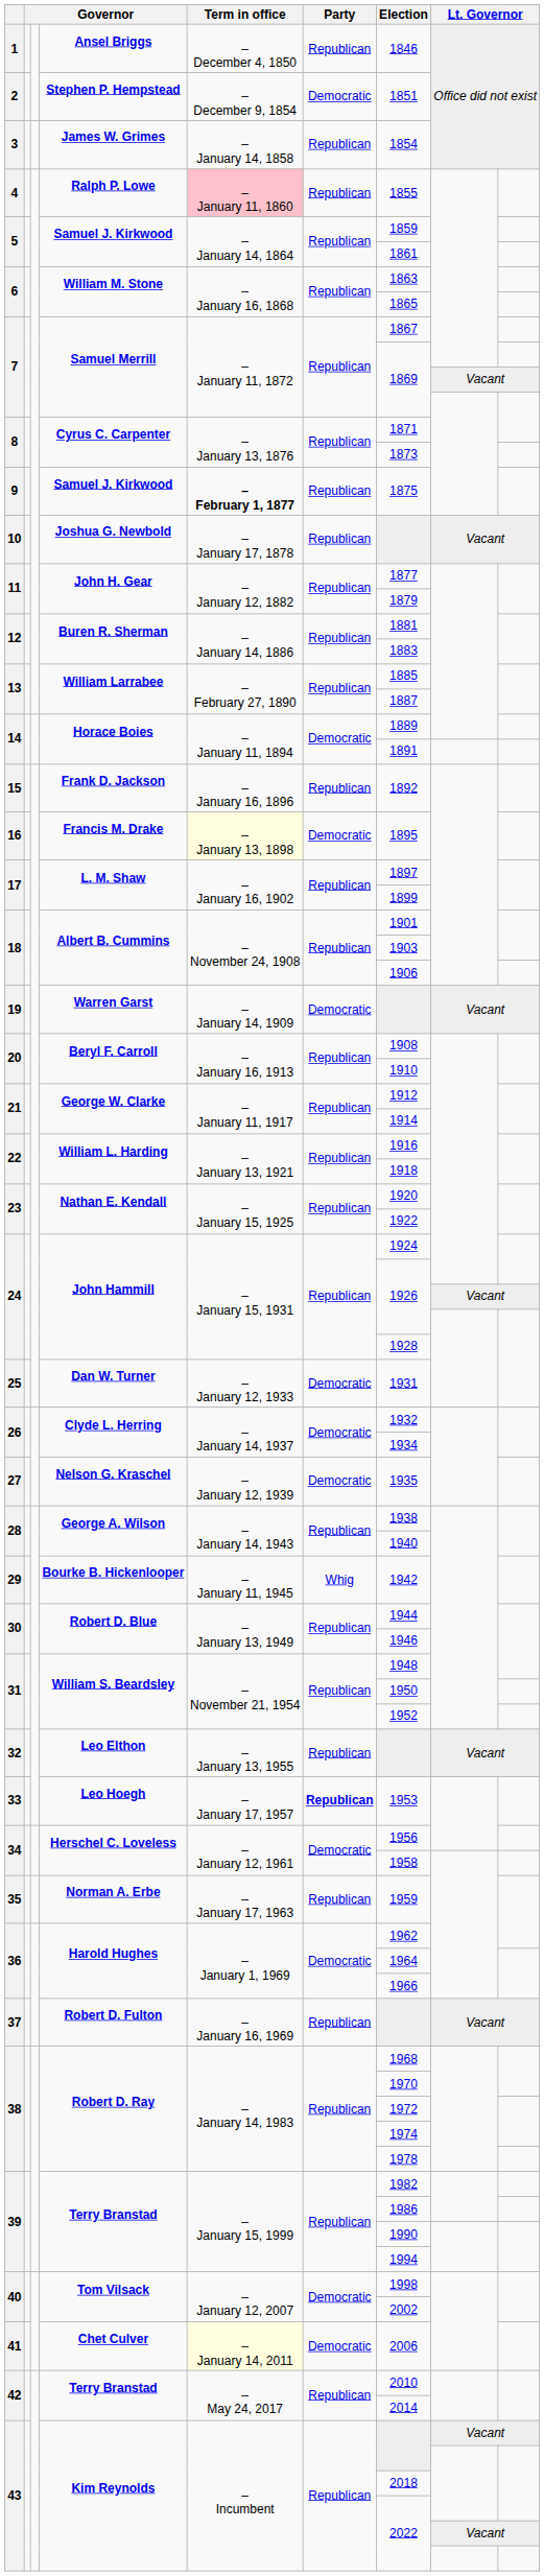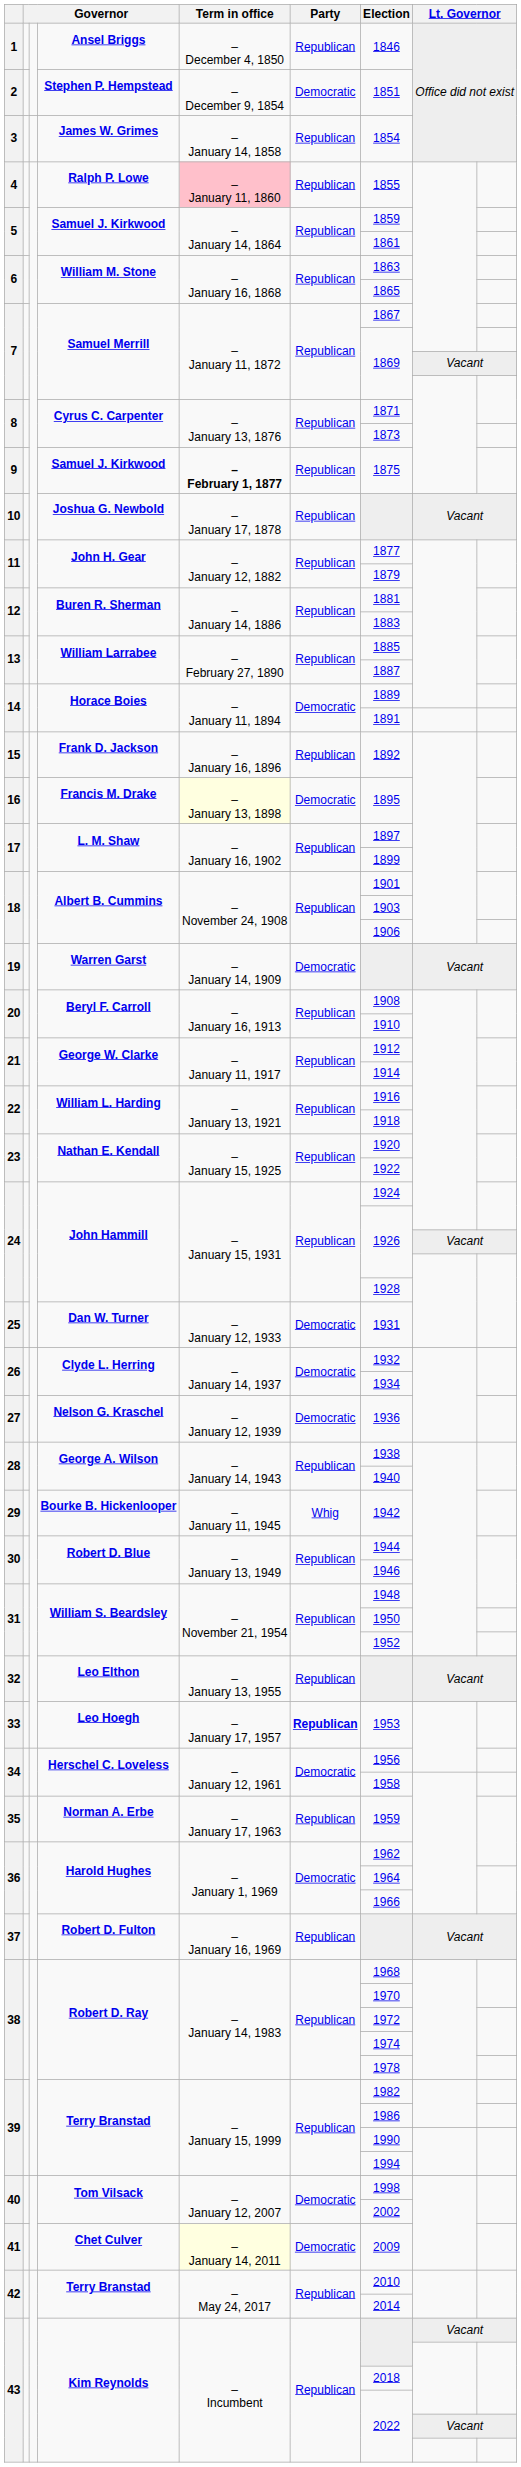 <table class="wikitable sortable mw-collapsible sticky-header-multi" style="text-align:center;">
 <tr>
 <th scope="col" data-sort-type="number"></th>
 <th scope="colgroup" colspan="3">Governor</th>
 <th scope="col">Term in office</th>
 <th scope="col">Party</th>
 <th scope="col">Election</th>
 <th scope="colgroup" colspan="2"><a href='#'>Lt. Governor</a></th>
 </tr>
 <tr style="height:2em;">
 <th scope="row">1</th>
 <td data-sort-value="Briggs, Ansel"></td>
 <td rowspan="2" style="background:"> </td>
 <td><strong><a href='#'>Ansel Briggs</a></strong><br><br></td>
 <td><br>–<br>December 4, 1850<br></td>
 <td><a href='#'>Republican</a></td>
 <td><a href='#'>1846</a></td>
 <td style="background:#EEEEEE;" colspan="2" rowspan="3"><em>Office did not exist</em></td>
 </tr>
 <tr style="height:2em;">
 <th scope="row">2</th>
 <td data-sort-value="Hempstead, Stephen"></td>
 <td><strong><a href='#'>Stephen P. Hempstead</a></strong><br><br></td>
 <td><br>–<br>December 9, 1854<br></td>
 <td><a href='#'>Democratic</a></td>
 <td><a href='#'>1851</a></td>
 </tr>
 <tr style="height:2em;">
 <th scope="row">3</th>
 <td data-sort-value="Grimes, James"></td>
 <td style="color:inherit;background:"></td>
 <td><strong><a href='#'>James W. Grimes</a></strong><br><br></td>
 <td><br>–<br>January 14, 1858<br></td>
 <td><a href='#'>Republican</a></td>
 <td><a href='#'>1854</a></td>
 </tr>
 <tr style="height:2em;">
 <th scope="row">4</th>
 <td data-sort-value="Lowe, Ralph"></td>
 <td rowspan="19" style="color:inherit;background:"></td>
 <td><strong><a href='#'>Ralph P. Lowe</a></strong><br><br></td>
 <td style="background: pink;"><br>–<br>January 11, 1860<br></td>
 <td><a href='#'>Republican</a></td>
 <td><a href='#'>1855</a></td>
 <td rowspan="7" style="background:"> </td>
 <td></td>
 </tr>
 <tr style="height:2em;">
 <th rowspan="2" scope="rowgroup">5</th>
 <td rowspan="2" data-sort-value="Kirkwood, Samuel"></td>
 <td rowspan="2"><strong><a href='#'>Samuel J. Kirkwood</a></strong><br><br></td>
 <td rowspan="2"><br>–<br>January 14, 1864<br></td>
 <td rowspan="2"><a href='#'>Republican</a></td>
 <td><a href='#'>1859</a></td>
 <td></td>
 </tr>
 <tr style="height:2em;">
 <td><a href='#'>1861</a></td>
 <td></td>
 </tr>
 <tr style="height:2em;">
 <th rowspan="2" scope="rowgroup">6</th>
 <td rowspan="2" data-sort-value="Stone, William"></td>
 <td rowspan="2"><strong><a href='#'>William M. Stone</a></strong><br><br></td>
 <td rowspan="2"><br>–<br>January 16, 1868<br></td>
 <td rowspan="2"><a href='#'>Republican</a></td>
 <td><a href='#'>1863</a></td>
 <td></td>
 </tr>
 <tr style="height:2em;">
 <td><a href='#'>1865</a></td>
 <td></td>
 </tr>
 <tr style="height:2em;">
 <th rowspan="4" scope="rowgroup">7</th>
 <td rowspan="4" data-sort-value="Merrill, Samuel"></td>
 <td rowspan="4"><strong><a href='#'>Samuel Merrill</a></strong><br><br></td>
 <td rowspan="4"><br>–<br>January 11, 1872<br></td>
 <td rowspan="4"><a href='#'>Republican</a></td>
 <td><a href='#'>1867</a></td>
 <td></td>
 </tr>
 <tr style="height:2em;">
 <td rowspan="3"><a href='#'>1869</a></td>
 <td><br></td>
 </tr>
 <tr style="height:2em;">
 <td colspan="2" style="background:#EEEEEE;"><em>Vacant</em></td>
 </tr>
 <tr style="height:2em;">
 <td rowspan="4" style="color:inherit;background:"></td>
 <td rowspan="2"><br></td>
 </tr>
 <tr style="height:2em;">
 <th rowspan="2" scope="rowgroup">8</th>
 <td rowspan="2" data-sort-value="Carpenter, Cyrus"></td>
 <td rowspan="2"><strong><a href='#'>Cyrus C. Carpenter</a></strong><br><br></td>
 <td rowspan="2"><br>–<br>January 13, 1876<br></td>
 <td rowspan="2"><a href='#'>Republican</a></td>
 <td><a href='#'>1871</a></td>
 </tr>
 <tr style="height:2em;">
 <td><a href='#'>1873</a></td>
 <td></td>
 </tr>
 <tr style="height:2em;">
 <th scope="row">9</th>
 <td data-sort-value="Kirkwood, Samuel"></td>
 <td><strong><a href='#'>Samuel J. Kirkwood</a></strong><br><br></td>
 <td><strong><br>–<br>February 1, 1877<br></strong></td>
 <td><a href='#'>Republican</a></td>
 <td><a href='#'>1875</a></td>
 <td></td>
 </tr>
 <tr style="height:2em;">
 <th scope="row">10</th>
 <td data-sort-value="Newbold, Joshua"></td>
 <td><strong><a href='#'>Joshua G. Newbold</a></strong><br><br></td>
 <td><br>–<br>January 17, 1878<br></td>
 <td><a href='#'>Republican</a></td>
 <td style="background:#EEEEEE;"></td>
 <td colspan="2" style="background:#EEEEEE;"><em>Vacant</em></td>
 </tr>
 <tr style="height:2em;">
 <th rowspan="2" scope="rowgroup">11</th>
 <td rowspan="2" data-sort-value="Gear, John"></td>
 <td rowspan="2"><strong><a href='#'>John H. Gear</a></strong><br><br></td>
 <td rowspan="2"><br>–<br>January 12, 1882<br></td>
 <td rowspan="2"><a href='#'>Republican</a></td>
 <td><a href='#'>1877</a></td>
 <td rowspan="7" style="color:inherit;background:"></td>
 <td rowspan="2"></td>
 </tr>
 <tr style="height:2em;">
 <td><a href='#'>1879</a></td>
 </tr>
 <tr style="height:2em;">
 <th rowspan="2" scope="rowgroup">12</th>
 <td rowspan="2" data-sort-value="Sherman, Buren"></td>
 <td rowspan="2"><strong><a href='#'>Buren R. Sherman</a></strong><br><br></td>
 <td rowspan="2"><br>–<br>January 14, 1886<br></td>
 <td rowspan="2"><a href='#'>Republican</a></td>
 <td><a href='#'>1881</a></td>
 <td rowspan="2"></td>
 </tr>
 <tr style="height:2em;">
 <td><a href='#'>1883</a></td>
 </tr>
 <tr style="height:2em;">
 <th rowspan="2" scope="rowgroup">13</th>
 <td rowspan="2" data-sort-value="Larrabee, William"></td>
 <td rowspan="2"><strong><a href='#'>William Larrabee</a></strong><br><br></td>
 <td rowspan="2"><br>–<br>February 27, 1890<br></td>
 <td rowspan="2"><a href='#'>Republican</a></td>
 <td><a href='#'>1885</a></td>
 <td rowspan="2"></td>
 </tr>
 <tr style="height:2em;">
 <td><a href='#'>1887</a></td>
 </tr>
 <tr style="height:2em;">
 <th rowspan="2" scope="rowgroup">14</th>
 <td rowspan="2" data-sort-value="Boies, Horace"></td>
 <td rowspan="2" style="color:inherit;background:"></td>
 <td rowspan="2"><strong><a href='#'>Horace Boies</a></strong><br><br></td>
 <td rowspan="2"><br>–<br>January 11, 1894<br></td>
 <td rowspan="2"><a href='#'>Democratic</a></td>
 <td><a href='#'>1889</a></td>
 <td></td>
 </tr>
 <tr style="height:2em;">
 <td><a href='#'>1891</a></td>
 <td style="color:inherit;background:"></td>
 <td></td>
 </tr>
 <tr style="height:2em;">
 <th scope="row">15</th>
 <td data-sort-value="Jackson, Frank"></td>
 <td rowspan="22" style="color:inherit;background:"></td>
 <td><strong><a href='#'>Frank D. Jackson</a></strong><br><br></td>
 <td><br>–<br>January 16, 1896<br></td>
 <td><a href='#'>Republican</a></td>
 <td><a href='#'>1892</a></td>
 <td rowspan="7" style="color:inherit;background:"></td>
 <td></td>
 </tr>
 <tr style="height:2em;">
 <th scope="row">16</th>
 <td data-sort-value="Drake, Francis"></td>
 <td><strong><a href='#'>Francis M. Drake</a></strong><br><br></td>
 <td style="background: lightyellow;"><br>–<br>January 13, 1898<br></td>
 <td><a href='#'>Democratic</a></td>
 <td><a href='#'>1895</a></td>
 <td></td>
 </tr>
 <tr style="height:2em;">
 <th rowspan="2" scope="rowgroup">17</th>
 <td rowspan="2" data-sort-value="Shaw, L. M."></td>
 <td rowspan="2"><strong><a href='#'>L. M. Shaw</a></strong><br><br></td>
 <td rowspan="2"><br>–<br>January 16, 1902<br></td>
 <td rowspan="2"><a href='#'>Republican</a></td>
 <td><a href='#'>1897</a></td>
 <td rowspan="2"></td>
 </tr>
 <tr style="height:2em;">
 <td><a href='#'>1899</a></td>
 </tr>
 <tr style="height:2em;">
 <th rowspan="3" scope="rowgroup">18</th>
 <td rowspan="3" data-sort-value="Cummins, Albert"></td>
 <td rowspan="3"><strong><a href='#'>Albert B. Cummins</a></strong><br><br></td>
 <td rowspan="3"><br>–<br>November 24, 1908<br></td>
 <td rowspan="3"><a href='#'>Republican</a></td>
 <td><a href='#'>1901</a></td>
 <td rowspan="2"></td>
 </tr>
 <tr style="height:2em;">
 <td><a href='#'>1903</a></td>
 </tr>
 <tr style="height:2em;">
 <td><a href='#'>1906</a></td>
 <td></td>
 </tr>
 <tr style="height:2em;">
 <th scope="row">19</th>
 <td data-sort-value="Garst, Warren"></td>
 <td><strong><a href='#'>Warren Garst</a></strong><br><br></td>
 <td><br>–<br>January 14, 1909<br></td>
 <td><a href='#'>Democratic</a></td>
 <td style="background:#EEEEEE;"></td>
 <td colspan="2" style="background:#EEEEEE;"><em>Vacant</em></td>
 </tr>
 <tr style="height:2em;">
 <th rowspan="2" scope="rowgroup">20</th>
 <td rowspan="2" data-sort-value="Carroll, Beryl"></td>
 <td rowspan="2"><strong><a href='#'>Beryl F. Carroll</a></strong><br><br></td>
 <td rowspan="2"><br>–<br>January 16, 1913<br></td>
 <td rowspan="2"><a href='#'>Republican</a></td>
 <td><a href='#'>1908</a></td>
 <td rowspan="10" style="color:inherit;background:"></td>
 <td rowspan="2"></td>
 </tr>
 <tr style="height:2em;">
 <td><a href='#'>1910</a></td>
 </tr>
 <tr style="height:2em;">
 <th rowspan="2" scope="rowgroup">21</th>
 <td rowspan="2" data-sort-value="Clarke, George"></td>
 <td rowspan="2"><strong><a href='#'>George W. Clarke</a></strong><br><br></td>
 <td rowspan="2"><br>–<br>January 11, 1917<br></td>
 <td rowspan="2"><a href='#'>Republican</a></td>
 <td><a href='#'>1912</a></td>
 <td rowspan="2"></td>
 </tr>
 <tr style="height:2em;">
 <td><a href='#'>1914</a></td>
 </tr>
 <tr style="height:2em;">
 <th rowspan="2" scope="rowgroup">22</th>
 <td rowspan="2" data-sort-value="Harding, William"></td>
 <td rowspan="2"><strong><a href='#'>William L. Harding</a></strong><br><br></td>
 <td rowspan="2"><br>–<br>January 13, 1921<br></td>
 <td rowspan="2"><a href='#'>Republican</a></td>
 <td><a href='#'>1916</a></td>
 <td rowspan="2"></td>
 </tr>
 <tr style="height:2em;">
 <td><a href='#'>1918</a></td>
 </tr>
 <tr style="height:2em;">
 <th rowspan="2" scope="rowgroup">23</th>
 <td rowspan="2" data-sort-value="Kendall, Nathan"></td>
 <td rowspan="2"><strong><a href='#'>Nathan E. Kendall</a></strong><br><br></td>
 <td rowspan="2"><br>–<br>January 15, 1925<br></td>
 <td rowspan="2"><a href='#'>Republican</a></td>
 <td><a href='#'>1920</a></td>
 <td rowspan="2"></td>
 </tr>
 <tr style="height:2em;">
 <td><a href='#'>1922</a></td>
 </tr>
 <tr style="height:2em;">
 <th rowspan="5" scope="rowgroup">24</th>
 <td rowspan="5" data-sort-value="Hammill, John"></td>
 <td rowspan="5"><strong><a href='#'>John Hammill</a></strong><br><br></td>
 <td rowspan="5"><br>–<br>January 15, 1931<br></td>
 <td rowspan="5"><a href='#'>Republican</a></td>
 <td><a href='#'>1924</a></td>
 <td rowspan="2"><br></td>
 </tr>
 <tr style="height:2em;">
 <td rowspan="3"><a href='#'>1926</a></td>
 </tr>
 <tr style="height:2em;">
 <td colspan="2" style="background:#EEEEEE;"><em>Vacant</em></td>
 </tr>
 <tr style="height:2em;">
 <td rowspan="3" style="color:inherit;background:"></td>
 <td rowspan="3"><br></td>
 </tr>
 <tr style="height:2em;">
 <td><a href='#'>1928</a></td>
 </tr>
 <tr style="height:2em;">
 <th scope="row">25</th>
 <td data-sort-value="Turner, Dan"></td>
 <td><strong><a href='#'>Dan W. Turner</a></strong><br><br></td>
 <td><br>–<br>January 12, 1933<br></td>
 <td><a href='#'>Democratic</a></td>
 <td><a href='#'>1931</a></td>
 </tr>
 <tr style="height:2em;">
 <th rowspan="2" scope="rowgroup">26</th>
 <td rowspan="2" data-sort-value="Herring, Clyde"></td>
 <td rowspan="3" style="color:inherit;background:"></td>
 <td rowspan="2"><strong><a href='#'>Clyde L. Herring</a></strong><br><br></td>
 <td rowspan="2"><br>–<br>January 14, 1937<br></td>
 <td rowspan="2"><a href='#'>Democratic</a></td>
 <td><a href='#'>1932</a></td>
 <td rowspan="3" style="color:inherit;background:"></td>
 <td rowspan="2"></td>
 </tr>
 <tr style="height:2em;">
 <td><a href='#'>1934</a></td>
 </tr>
 <tr style="height:2em;">
 <th scope="row">27</th>
 <td data-sort-value="Kraschel, Nelson"></td>
 <td><strong><a href='#'>Nelson G. Kraschel</a></strong><br><br></td>
 <td><br>–<br>January 12, 1939<br></td>
 <td><a href='#'>Democratic</a></td>
-<td><a href='#'>1935</a></td>
+<td><a href='#'>1936</a></td>
 <td></td>
 </tr>
 <tr style="height:2em;">
 <th rowspan="2" scope="rowgroup">28</th>
 <td rowspan="2" data-sort-value="Wilson, George"></td>
 <td rowspan="10" style="color:inherit;background:"></td>
 <td rowspan="2"><strong><a href='#'>George A. Wilson</a></strong><br><br></td>
 <td rowspan="2"><br>–<br>January 14, 1943<br></td>
 <td rowspan="2"><a href='#'>Republican</a></td>
 <td><a href='#'>1938</a></td>
 <td rowspan="8" style="color:inherit;background:"></td>
 <td rowspan="2"></td>
 </tr>
 <tr style="height:2em;">
 <td><a href='#'>1940</a></td>
 </tr>
 <tr style="height:2em;">
 <th scope="row">29</th>
 <td data-sort-value="Hickenlooper, Bourke"></td>
 <td><strong><a href='#'>Bourke B. Hickenlooper</a></strong><br><br></td>
 <td><br>–<br>January 11, 1945<br></td>
 <td><a href='#'>Whig</a></td>
 <td><a href='#'>1942</a></td>
 <td></td>
 </tr>
 <tr style="height:2em;">
 <th rowspan="2" scope="rowgroup">30</th>
 <td rowspan="2" data-sort-value="Blue, Robert"></td>
 <td rowspan="2"><strong><a href='#'>Robert D. Blue</a></strong><br><br></td>
 <td rowspan="2"><br>–<br>January 13, 1949<br></td>
 <td rowspan="2"><a href='#'>Republican</a></td>
 <td><a href='#'>1944</a></td>
 <td rowspan="3"></td>
 </tr>
 <tr style="height:2em;">
 <td><a href='#'>1946</a></td>
 </tr>
 <tr style="height:2em;">
 <th rowspan="3" scope="rowgroup">31</th>
 <td rowspan="3" data-sort-value="Beardsley, William"></td>
 <td rowspan="3"><strong><a href='#'>William S. Beardsley</a></strong><br><br></td>
 <td rowspan="3"><br>–<br>November 21, 1954<br></td>
 <td rowspan="3"><a href='#'>Republican</a></td>
 <td><a href='#'>1948</a></td>
 </tr>
 <tr style="height:2em;">
 <td><a href='#'>1950</a></td>
 <td></td>
 </tr>
 <tr style="height:2em;">
 <td><a href='#'>1952</a></td>
 <td></td>
 </tr>
 <tr style="height:2em;">
 <th scope="row">32</th>
 <td data-sort-value="Elton, Leo"></td>
 <td><strong><a href='#'>Leo Elthon</a></strong><br><br></td>
 <td><br>–<br>January 13, 1955<br></td>
 <td><a href='#'>Republican</a></td>
 <td style="background:#EEEEEE;"></td>
 <td colspan="2" style="background:#EEEEEE;"><em>Vacant</em></td>
 </tr>
 <tr style="height:2em;">
 <th scope="row">33</th>
 <td data-sort-value="Hoegh, Leo"></td>
 <td><strong><a href='#'>Leo Hoegh</a></strong><br><br></td>
 <td><br>–<br>January 17, 1957<br></td>
 <td><strong><a href='#'>Republican</a></strong></td>
 <td><a href='#'>1953</a></td>
 <td rowspan="2" style="color:inherit;background:"></td>
 <td></td>
 </tr>
 <tr style="height:2em;">
 <th rowspan="2" scope="rowgroup">34</th>
 <td rowspan="2" data-sort-value="Loveless, Herschel"></td>
 <td rowspan="2" style="color:inherit;background:"></td>
 <td rowspan="2"><strong><a href='#'>Herschel C. Loveless</a></strong><br><br></td>
 <td rowspan="2"><br>–<br>January 12, 1961<br></td>
 <td rowspan="2"><a href='#'>Democratic</a></td>
 <td><a href='#'>1956</a></td>
 <td></td>
 </tr>
 <tr style="height:2em;">
 <td><a href='#'>1958</a></td>
 <td rowspan="5" style="color:inherit;background:"></td>
 <td></td>
 </tr>
 <tr style="height:2em;">
 <th scope="row">35</th>
 <td data-sort-value="Erbe, Norman"></td>
 <td style="color:inherit;background:"></td>
 <td><strong><a href='#'>Norman A. Erbe</a></strong><br><br></td>
 <td><br>–<br>January 17, 1963<br></td>
 <td><a href='#'>Republican</a></td>
 <td><a href='#'>1959</a></td>
 <td rowspan="2"></td>
 </tr>
 <tr style="height:2em;">
 <th rowspan="3" scope="rowgroup">36</th>
 <td rowspan="3" data-sort-value="Hughes, Harold"></td>
 <td rowspan="4" style="color:inherit;background:"></td>
 <td rowspan="3"><strong><a href='#'>Harold Hughes</a></strong><br><br></td>
 <td rowspan="3"><br>–<br>January 1, 1969<br></td>
 <td rowspan="3"><a href='#'>Democratic</a></td>
 <td><a href='#'>1962</a></td>
 </tr>
 <tr style="height:2em;">
 <td><a href='#'>1964</a></td>
 <td rowspan="2"></td>
 </tr>
 <tr style="height:2em;">
 <td><a href='#'>1966</a></td>
 </tr>
 <tr style="height:2em;">
 <th scope="row">37</th>
 <td data-sort-value="Fulton, Robert"></td>
 <td><strong><a href='#'>Robert D. Fulton</a></strong><br><br></td>
 <td><br>–<br>January 16, 1969<br></td>
 <td><a href='#'>Republican</a></td>
 <td style="background:#EEEEEE;"></td>
 <td colspan="2" style="background:#EEEEEE;"><em>Vacant</em></td>
 </tr>
 <tr style="height:2em;">
 <th rowspan="5" scope="rowgroup">38</th>
 <td rowspan="5" data-sort-value="Ray, Robert"></td>
 <td rowspan="9" style="color:inherit;background:"></td>
 <td rowspan="5"><strong><a href='#'>Robert D. Ray</a></strong><br><br></td>
 <td rowspan="5"><br>–<br>January 14, 1983<br></td>
 <td rowspan="5"><a href='#'>Republican</a></td>
 <td><a href='#'>1968</a></td>
 <td rowspan="5" style="color:inherit;background:"></td>
 <td rowspan="2"></td>
 </tr>
 <tr style="height:2em;">
 <td><a href='#'>1970</a></td>
 </tr>
 <tr style="height:2em;">
 <td><a href='#'>1972</a></td>
 <td rowspan="2"></td>
 </tr>
 <tr style="height:2em;">
 <td><a href='#'>1974</a></td>
 </tr>
 <tr style="height:2em;">
 <td><a href='#'>1978</a></td>
 <td></td>
 </tr>
 <tr style="height:2em;">
 <th rowspan="4" scope="rowgroup">39</th>
 <td rowspan="4" data-sort-value="Branstad, Terry"></td>
 <td rowspan="4"><strong><a href='#'>Terry Branstad</a></strong><br><br></td>
 <td rowspan="4"><br>–<br>January 15, 1999<br></td>
 <td rowspan="4"><a href='#'>Republican</a></td>
 <td><a href='#'>1982</a></td>
 <td rowspan="2" style="color:inherit;background:"></td>
 <td></td>
 </tr>
 <tr style="height:2em;">
 <td><a href='#'>1986</a></td>
 <td></td>
 </tr>
 <tr style="height:2em;">
 <td><a href='#'>1990</a></td>
 <td rowspan="2" style="color:inherit;background:"></td>
 <td rowspan="2"></td>
 </tr>
 <tr style="height:2em;">
 <td><a href='#'>1994</a></td>
 </tr>
 <tr style="height:2em;">
 <th rowspan="2" scope="rowgroup">40</th>
 <td rowspan="2" data-sort-value="Vilsack, Tom"></td>
 <td rowspan="3" style="color:inherit;background:"></td>
 <td rowspan="2"><strong><a href='#'>Tom Vilsack</a></strong><br><br></td>
 <td rowspan="2"><br>–<br>January 12, 2007<br></td>
 <td rowspan="2"><a href='#'>Democratic</a></td>
 <td><a href='#'>1998</a></td>
 <td rowspan="3" style="color:inherit;background:"></td>
 <td rowspan="2"></td>
 </tr>
 <tr style="height:2em;">
 <td><a href='#'>2002</a></td>
 </tr>
 <tr style="height:2em;">
 <th scope="row">41</th>
 <td data-sort-value="Culver, Chet"></td>
 <td><strong><a href='#'>Chet Culver</a></strong><br><br></td>
 <td style="background: lightyellow;"><br>–<br>January 14, 2011<br></td>
 <td><a href='#'>Democratic</a></td>
-<td><a href='#'>2006</a></td>
+<td><a href='#'>2009</a></td>
 <td></td>
 </tr>
 <tr style="height:2em;">
 <th rowspan="2" scope="rowgroup">42</th>
 <td rowspan="2" data-sort-value="Branstad, Terry"></td>
 <td rowspan="8" style="color:inherit;background:"></td>
 <td rowspan="2"><strong><a href='#'>Terry Branstad</a></strong><br><br></td>
 <td rowspan="2"><br>–<br>May 24, 2017<br></td>
 <td rowspan="2"><a href='#'>Republican</a></td>
 <td><a href='#'>2010</a></td>
 <td rowspan="2" style="color:inherit;background:"></td>
 <td rowspan="2"></td>
 </tr>
 <tr style="height:2em;">
 <td><a href='#'>2014</a></td>
 </tr>
 <tr style="height:2em;">
 <th rowspan="6" scope="rowgroup">43</th>
 <td rowspan="6" data-sort-value="Reynolds, Kim"></td>
 <td rowspan="6"><strong><a href='#'>Kim Reynolds</a></strong><br><br></td>
 <td rowspan="6"><br>–<br>Incumbent</td>
 <td rowspan="6"><a href='#'>Republican</a></td>
 <td rowspan="2" style="background:#EEEEEE;"></td>
 <td colspan="2" style="background:#EEEEEE;"><em>Vacant</em></td>
 </tr>
 <tr style="height:2em;">
 <td rowspan="3" style="color:inherit;background:"></td>
 <td rowspan="3"><br></td>
 </tr>
 <tr style="height:2em;">
 <td><a href='#'>2018</a></td>
 </tr>
 <tr style="height:2em;">
 <td rowspan="3"><a href='#'>2022</a></td>
 </tr>
 <tr style="height:2em;">
 <td colspan="2" style="background:#EEEEEE;"><em>Vacant</em></td>
 </tr>
 <tr style="height:2em;">
 <td style="color:inherit;background:"></td>
 <td><br></td>
 </tr>
 </table>
